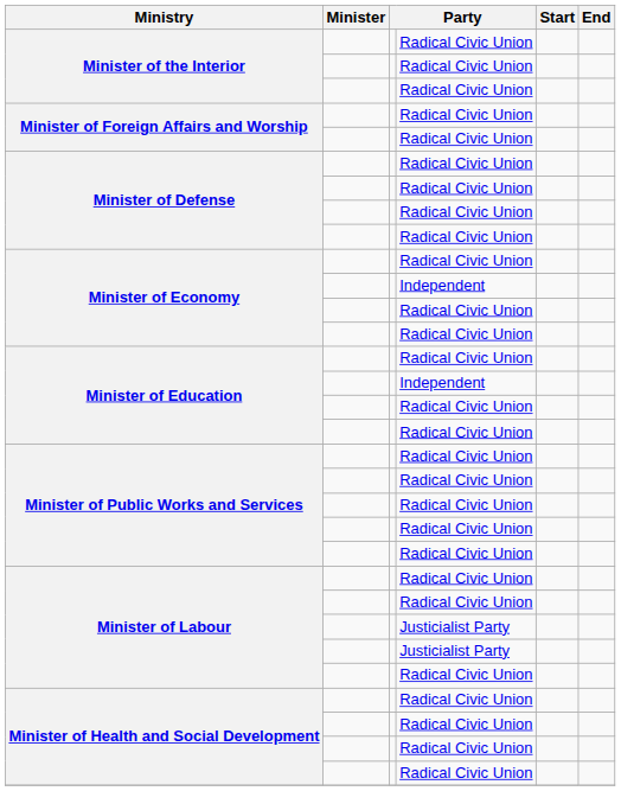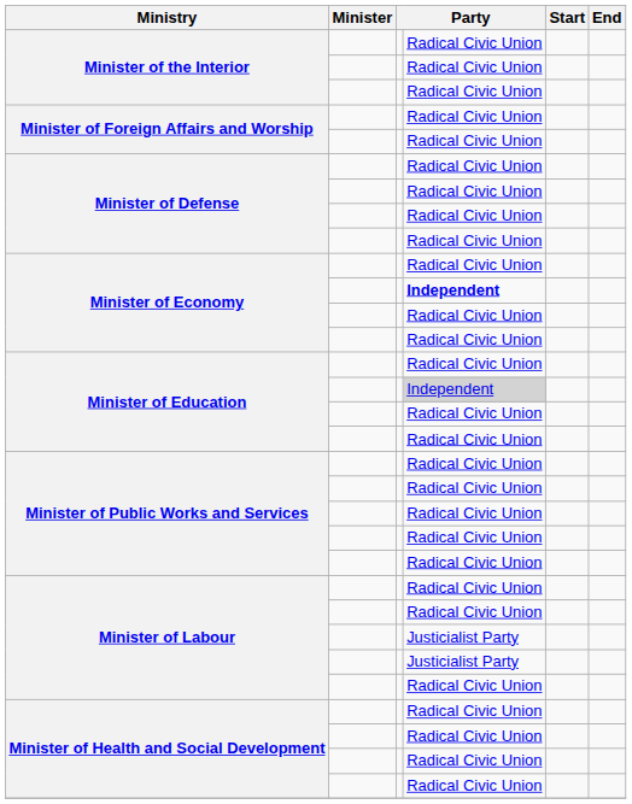 <table class="sortable wikitable" style="font-size:100%;">
 <tr>
 <th scope="col">Ministry</th>
 <th scope="col">Minister</th>
 <th scope="col" colspan="2">Party</th>
 <th scope="col">Start</th>
 <th scope="col">End</th>
 </tr>
 <tr>
 <th rowspan="3" scope="row"><a href='#'>Minister of the Interior</a></th>
 <td></td>
 <td bgcolor=></td>
 <td><a href='#'>Radical Civic Union</a></td>
 <td></td>
 <td></td>
 </tr>
 <tr>
 <td></td>
 <td bgcolor=></td>
 <td><a href='#'>Radical Civic Union</a></td>
 <td></td>
 <td></td>
 </tr>
 <tr>
 <td></td>
 <td bgcolor=></td>
 <td><a href='#'>Radical Civic Union</a></td>
 <td></td>
 <td></td>
 </tr>
 <tr>
 <th rowspan="2" scope="row"><a href='#'>Minister of Foreign Affairs and Worship</a></th>
 <td></td>
 <td bgcolor=></td>
 <td><a href='#'>Radical Civic Union</a></td>
 <td></td>
 <td></td>
 </tr>
 <tr>
 <td></td>
 <td bgcolor=></td>
 <td><a href='#'>Radical Civic Union</a></td>
 <td></td>
 <td></td>
 </tr>
 <tr>
 <th rowspan="4" scope="row"><a href='#'>Minister of Defense</a></th>
 <td></td>
 <td bgcolor=></td>
 <td><a href='#'>Radical Civic Union</a></td>
 <td></td>
 <td></td>
 </tr>
 <tr>
 <td></td>
 <td bgcolor=></td>
 <td><a href='#'>Radical Civic Union</a></td>
 <td></td>
 <td></td>
 </tr>
 <tr>
 <td></td>
 <td bgcolor=></td>
 <td><a href='#'>Radical Civic Union</a></td>
 <td></td>
 <td></td>
 </tr>
 <tr>
 <td></td>
 <td bgcolor=></td>
 <td><a href='#'>Radical Civic Union</a></td>
 <td></td>
 <td></td>
 </tr>
 <tr>
 <th rowspan="4" scope="row"><a href='#'>Minister of Economy</a></th>
 <td></td>
 <td bgcolor=></td>
 <td><a href='#'>Radical Civic Union</a></td>
 <td></td>
 <td></td>
 </tr>
 <tr>
 <td></td>
 <td bgcolor=></td>
-<td><a href='#'>Independent</a></td>
+<td><strong><a href='#'>Independent</a></strong></td>
 <td></td>
 <td></td>
 </tr>
 <tr>
 <td></td>
 <td bgcolor=></td>
 <td><a href='#'>Radical Civic Union</a></td>
 <td></td>
 <td></td>
 </tr>
 <tr>
 <td></td>
 <td bgcolor=></td>
 <td><a href='#'>Radical Civic Union</a></td>
 <td></td>
 <td></td>
 </tr>
 <tr>
 <th rowspan="4" scope="row"><a href='#'>Minister of Education</a></th>
 <td></td>
 <td bgcolor=></td>
 <td><a href='#'>Radical Civic Union</a></td>
 <td></td>
 <td></td>
 </tr>
 <tr>
 <td></td>
 <td bgcolor=></td>
-<td><a href='#'>Independent</a></td>
+<td style="background: lightgrey;"><a href='#'>Independent</a></td>
 <td></td>
 <td></td>
 </tr>
 <tr>
 <td></td>
 <td bgcolor=></td>
 <td><a href='#'>Radical Civic Union</a></td>
 <td></td>
 <td></td>
 </tr>
 <tr>
 <td></td>
 <td bgcolor=></td>
 <td><a href='#'>Radical Civic Union</a></td>
 <td></td>
 <td></td>
 </tr>
 <tr>
 <th rowspan="5" scope="row"><a href='#'>Minister of Public Works and Services</a></th>
 <td></td>
 <td bgcolor=></td>
 <td><a href='#'>Radical Civic Union</a></td>
 <td></td>
 <td></td>
 </tr>
 <tr>
 <td></td>
 <td bgcolor=></td>
 <td><a href='#'>Radical Civic Union</a></td>
 <td></td>
 <td></td>
 </tr>
 <tr>
 <td></td>
 <td bgcolor=></td>
 <td><a href='#'>Radical Civic Union</a></td>
 <td></td>
 <td></td>
 </tr>
 <tr>
 <td></td>
 <td bgcolor=></td>
 <td><a href='#'>Radical Civic Union</a></td>
 <td></td>
 <td></td>
 </tr>
 <tr>
 <td></td>
 <td bgcolor=></td>
 <td><a href='#'>Radical Civic Union</a></td>
 <td></td>
 <td></td>
 </tr>
 <tr>
 <th rowspan="5" scope="row"><a href='#'>Minister of Labour</a></th>
 <td></td>
 <td bgcolor=></td>
 <td><a href='#'>Radical Civic Union</a></td>
 <td></td>
 <td></td>
 </tr>
 <tr>
 <td></td>
 <td bgcolor=></td>
 <td><a href='#'>Radical Civic Union</a></td>
 <td></td>
 <td></td>
 </tr>
 <tr>
 <td></td>
 <td bgcolor=></td>
 <td><a href='#'>Justicialist Party</a></td>
 <td></td>
 <td></td>
 </tr>
 <tr>
 <td></td>
 <td bgcolor=></td>
 <td><a href='#'>Justicialist Party</a></td>
 <td></td>
 <td></td>
 </tr>
 <tr>
 <td></td>
 <td bgcolor=></td>
 <td><a href='#'>Radical Civic Union</a></td>
 <td></td>
 <td></td>
 </tr>
 <tr>
 <th rowspan="4" scope="row"><a href='#'>Minister of Health and Social Development</a></th>
 <td></td>
 <td bgcolor=></td>
 <td><a href='#'>Radical Civic Union</a></td>
 <td></td>
 <td></td>
 </tr>
 <tr>
 <td></td>
 <td bgcolor=></td>
 <td><a href='#'>Radical Civic Union</a></td>
 <td></td>
 <td></td>
 </tr>
 <tr>
 <td></td>
 <td bgcolor=></td>
 <td><a href='#'>Radical Civic Union</a></td>
 <td></td>
 <td></td>
 </tr>
 <tr>
 <td></td>
 <td bgcolor=></td>
 <td><a href='#'>Radical Civic Union</a></td>
 <td></td>
 <td></td>
 </tr>
 <tr>
 </tr>
 </table>
